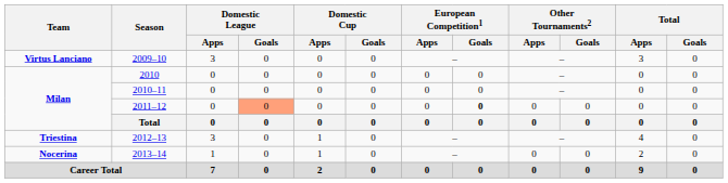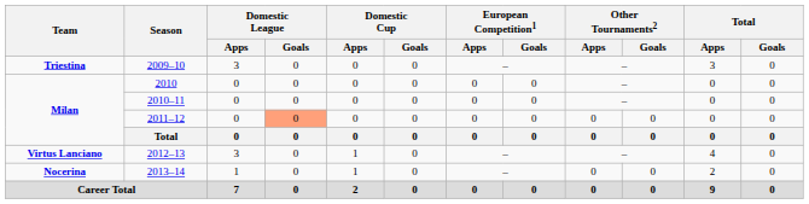 <table class="wikitable" style="font-size:90%; text-align:center; width=75%;">
 <tr>
 <th rowspan=2 width=10%>Team</th>
 <th rowspan=2 width=7%>Season</th>
 <th colspan=2 width=10%>Domestic<br>League</th>
 <th colspan=2 width=10%>Domestic<br>Cup</th>
 <th colspan=2 width=10%>European<br>Competition<sup>1</sup></th>
 <th colspan=2 width=10%>Other<br>Tournaments<sup>2</sup></th>
 <th colspan=2 width=10%>Total</th>
 </tr>
 <tr>
 <th>Apps</th>
 <th>Goals</th>
 <th>Apps</th>
 <th>Goals</th>
 <th>Apps</th>
 <th>Goals</th>
 <th>Apps</th>
 <th>Goals</th>
 <th>Apps</th>
 <th>Goals</th>
 </tr>
 <tr>
-<td><strong><a href='#'>Virtus Lanciano</a></strong></td>
+<td><strong><a href='#'>Triestina</a></strong></td>
 <td><a href='#'>2009–10</a></td>
 <td>3</td>
 <td>0</td>
 <td>0</td>
 <td>0</td>
 <td colspan="2">–</td>
 <td colspan="2">–</td>
 <td>3</td>
 <td>0</td>
 </tr>
 <tr>
 <td rowspan="4"><strong><a href='#'>Milan</a></strong></td>
 <td><a href='#'>2010</a></td>
 <td>0</td>
 <td>0</td>
 <td>0</td>
 <td>0</td>
 <td>0</td>
 <td>0</td>
 <td colspan="2">–</td>
 <td>0</td>
 <td>0</td>
 </tr>
 <tr>
 <td><a href='#'>2010–11</a></td>
 <td>0</td>
 <td>0</td>
 <td>0</td>
 <td>0</td>
 <td>0</td>
 <td>0</td>
 <td colspan="2">–</td>
 <td>0</td>
 <td>0</td>
 </tr>
 <tr>
 <td><a href='#'>2011–12</a></td>
 <td>0</td>
 <td style="background: lightsalmon;">0</td>
 <td>0</td>
 <td>0</td>
 <td>0</td>
-<td><strong>0</strong></td>
+<td>0</td>
 <td>0</td>
 <td>0</td>
 <td>0</td>
 <td>0</td>
 </tr>
 <tr>
 <th>Total</th>
 <th>0</th>
 <th>0</th>
 <th>0</th>
 <th>0</th>
 <th>0</th>
 <th>0</th>
 <th>0</th>
 <th>0</th>
 <th>0</th>
 <th>0</th>
 </tr>
 <tr>
-<td><strong><a href='#'>Triestina</a></strong></td>
+<td><strong><a href='#'>Virtus Lanciano</a></strong></td>
 <td><a href='#'>2012–13</a></td>
 <td>3</td>
 <td>0</td>
 <td>1</td>
 <td>0</td>
 <td colspan="2">–</td>
 <td colspan="2">–</td>
 <td>4</td>
 <td>0</td>
 </tr>
 <tr>
 <td><strong><a href='#'>Nocerina</a></strong></td>
 <td><a href='#'>2013–14</a></td>
 <td>1</td>
 <td>0</td>
 <td>1</td>
 <td>0</td>
 <td colspan="2">–</td>
 <td>0</td>
 <td>0</td>
 <td>2</td>
 <td>0</td>
 </tr>
 <tr style="background: #dcdcdc">
 <td colspan=2><strong>Career Total</strong></td>
 <td><strong>7</strong></td>
 <td><strong>0</strong></td>
 <td><strong>2</strong></td>
 <td><strong>0</strong></td>
 <td><strong>0</strong></td>
 <td><strong>0</strong></td>
 <td><strong>0</strong></td>
 <td><strong>0</strong></td>
 <td><strong>9</strong></td>
 <td><strong>0</strong></td>
 </tr>
 </table>
